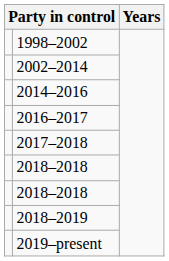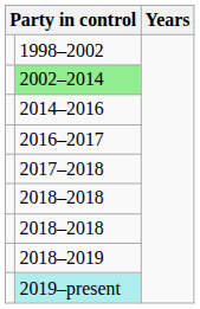 <table class="wikitable">
 <tr>
 <th colspan="2">Party in control</th>
 <th>Years</th>
 </tr>
 <tr>
 <td></td>
 <td>1998–2002</td>
 </tr>
 <tr>
 <td></td>
-<td>2002–2014</td>
+<td style="background: lightgreen;">2002–2014</td>
 </tr>
 <tr>
 <td></td>
 <td>2014–2016</td>
 </tr>
 <tr>
 <td></td>
 <td>2016–2017</td>
 </tr>
 <tr>
 <td></td>
 <td>2017–2018</td>
 </tr>
 <tr>
 <td></td>
 <td>2018–2018</td>
 </tr>
 <tr>
 <td></td>
 <td>2018–2018</td>
 </tr>
 <tr>
 <td></td>
 <td>2018–2019</td>
 </tr>
 <tr>
 <td></td>
-<td>2019–present</td>
+<td style="background: paleturquoise;">2019–present</td>
 </tr>
 </table>
